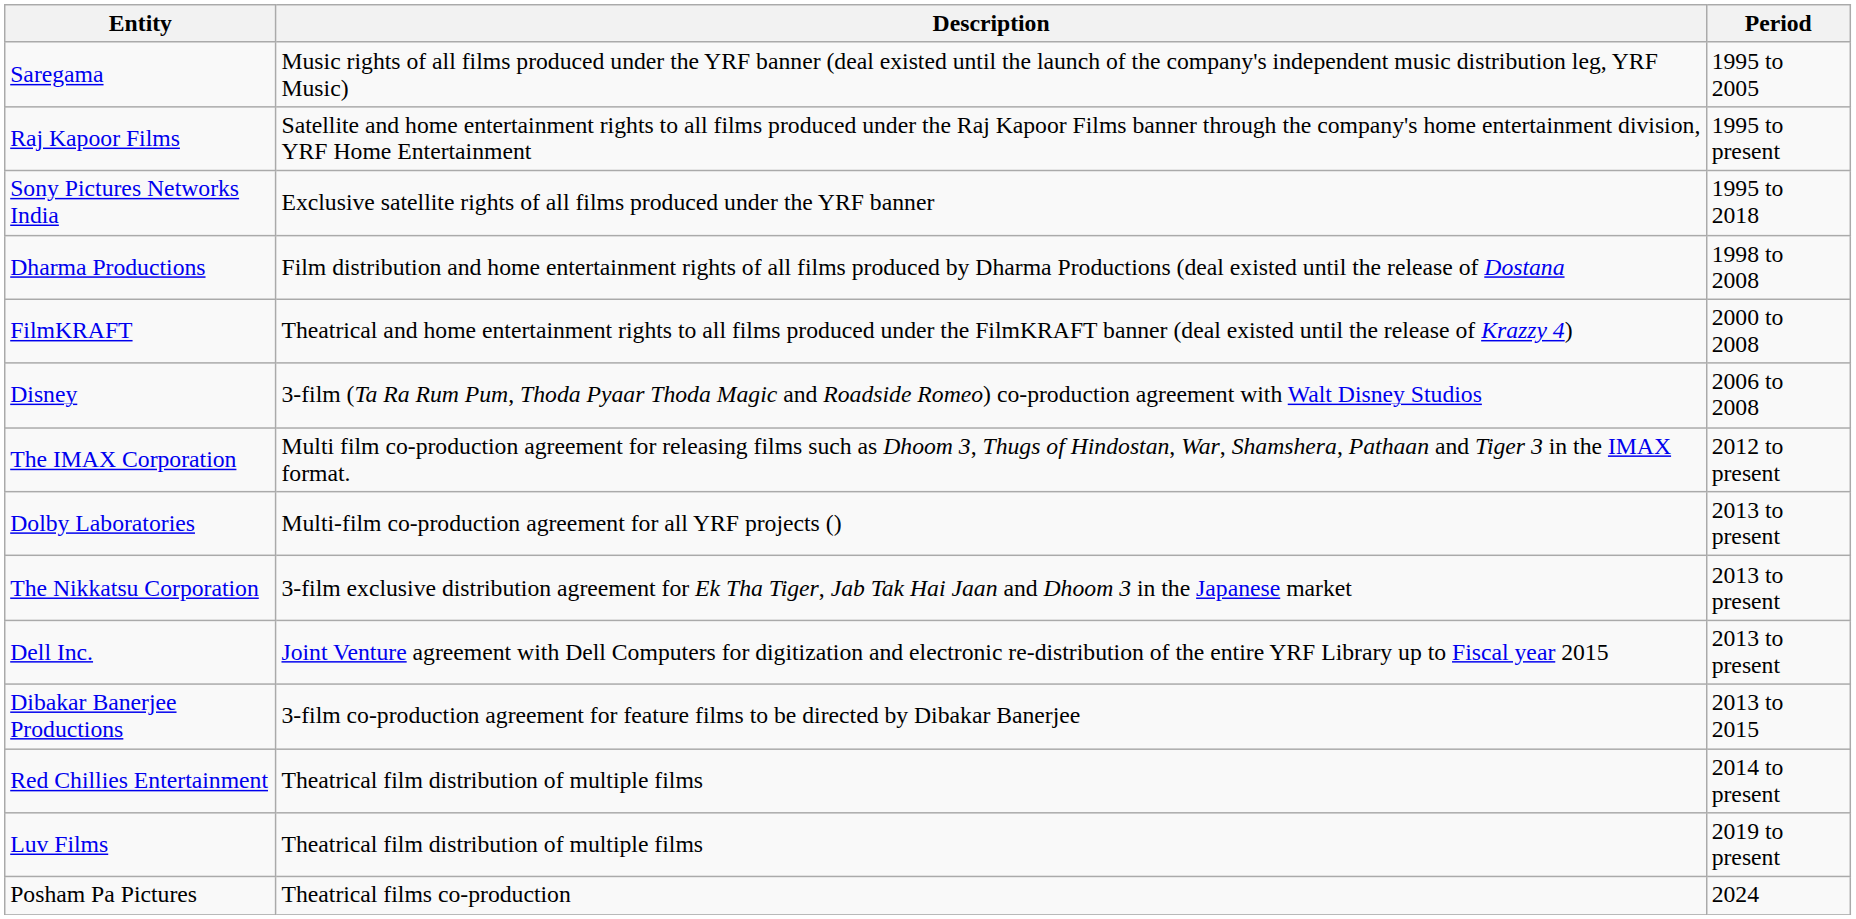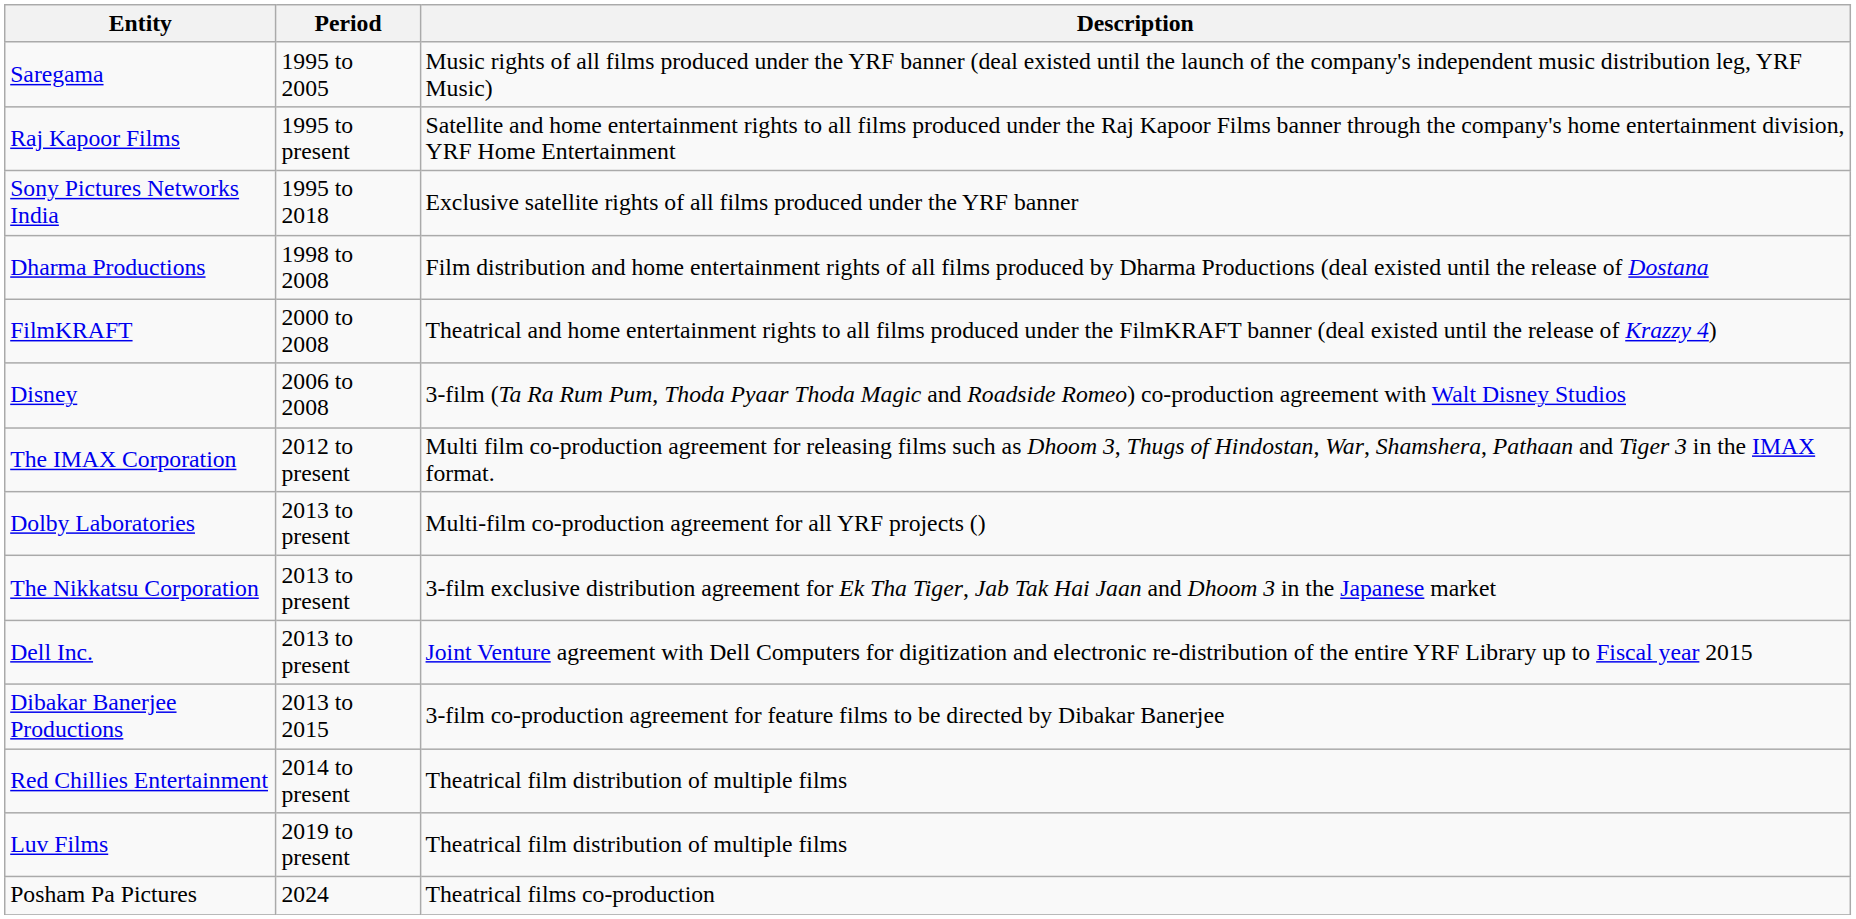 <table class="wikitable">
 <tr>
 <th>Entity</th>
+<th>Period</th>
 <th>Description</th>
-<th>Period</th>
 </tr>
 <tr>
 <td><a href='#'>Saregama</a></td>
+<td>1995 to<br>2005</td>
 <td>Music rights of all films produced under the YRF banner (deal existed until the launch of the company's independent music distribution leg, YRF Music)</td>
-<td>1995 to<br>2005</td>
 </tr>
 <tr>
 <td><a href='#'>Raj Kapoor Films</a></td>
+<td>1995 to<br>present</td>
 <td>Satellite and home entertainment rights to all films produced under the Raj Kapoor Films banner through the company's home entertainment division, YRF Home Entertainment</td>
-<td>1995 to<br>present</td>
 </tr>
 <tr>
 <td><a href='#'>Sony Pictures Networks India</a></td>
+<td>1995 to<br>2018</td>
 <td>Exclusive satellite rights of all films produced under the YRF banner</td>
-<td>1995 to<br>2018</td>
 </tr>
 <tr>
 <td><a href='#'>Dharma Productions</a></td>
+<td>1998 to<br>2008</td>
 <td>Film distribution and home entertainment rights of all films produced by Dharma Productions (deal existed until the release of <em><a href='#'>Dostana</a></em></td>
-<td>1998 to<br>2008</td>
 </tr>
 <tr>
 <td><a href='#'>FilmKRAFT</a></td>
+<td>2000 to<br>2008</td>
 <td>Theatrical and home entertainment rights to all films produced under the FilmKRAFT banner (deal existed until the release of <em><a href='#'>Krazzy 4</a></em>)</td>
-<td>2000 to<br>2008</td>
 </tr>
 <tr>
 <td><a href='#'>Disney</a></td>
+<td>2006 to<br>2008</td>
 <td>3-film (<em>Ta Ra Rum Pum</em>, <em>Thoda Pyaar Thoda Magic</em> and <em>Roadside Romeo</em>) co-production agreement with <a href='#'>Walt Disney Studios</a></td>
-<td>2006 to<br>2008</td>
 </tr>
 <tr>
 <td><a href='#'>The IMAX Corporation</a></td>
+<td>2012 to<br>present</td>
 <td>Multi film co-production agreement for releasing films such as <em>Dhoom 3</em>, <em>Thugs of Hindostan</em>, <em>War</em>, <em>Shamshera</em>, <em>Pathaan</em> and <em>Tiger 3</em> in the <a href='#'>IMAX</a> format.</td>
-<td>2012 to<br>present</td>
 </tr>
 <tr>
 <td><a href='#'>Dolby Laboratories</a></td>
+<td>2013 to<br>present</td>
 <td>Multi-film co-production agreement for all YRF projects ()</td>
-<td>2013 to<br>present</td>
 </tr>
 <tr>
 <td><a href='#'>The Nikkatsu Corporation</a></td>
+<td>2013 to<br>present</td>
 <td>3-film exclusive distribution agreement for <em>Ek Tha Tiger</em>, <em>Jab Tak Hai Jaan</em> and <em>Dhoom 3</em> in the <a href='#'>Japanese</a> market</td>
-<td>2013 to<br>present</td>
 </tr>
 <tr>
 <td><a href='#'>Dell Inc.</a></td>
+<td>2013 to<br>present</td>
 <td><a href='#'>Joint Venture</a> agreement with Dell Computers for digitization and electronic re-distribution of the entire YRF Library up to <a href='#'>Fiscal year</a> 2015</td>
-<td>2013 to<br>present</td>
 </tr>
 <tr>
 <td><a href='#'>Dibakar Banerjee Productions</a></td>
+<td>2013 to<br>2015</td>
 <td>3-film co-production agreement for feature films to be directed by Dibakar Banerjee</td>
-<td>2013 to<br>2015</td>
 </tr>
 <tr>
 <td><a href='#'>Red Chillies Entertainment</a><br> </td>
+<td>2014 to present</td>
 <td>Theatrical film distribution of multiple films</td>
-<td>2014 to present</td>
 </tr>
 <tr>
 <td><a href='#'>Luv Films</a></td>
+<td>2019 to present</td>
 <td>Theatrical film distribution of multiple films</td>
-<td>2019 to present</td>
 </tr>
 <tr>
 <td>Posham Pa Pictures</td>
+<td>2024</td>
 <td>Theatrical films co-production</td>
-<td>2024</td>
 </tr>
 </table>
